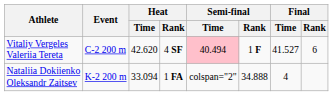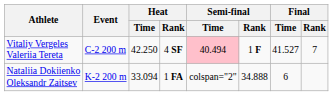 <table class="wikitable" style="text-align: center; font-size:90%">
 <tr>
 <th rowspan="2">Athlete</th>
 <th rowspan="2">Event</th>
 <th colspan="2">Heat</th>
 <th colspan="2">Semi-final</th>
 <th colspan="2">Final</th>
 </tr>
 <tr>
 <th>Time</th>
 <th>Rank</th>
 <th>Time</th>
 <th>Rank</th>
 <th>Time</th>
 <th>Rank</th>
 </tr>
 <tr>
 <td align="left"><a href='#'>Vitaliy Vergeles</a><br><a href='#'>Valeriia Tereta</a></td>
 <td align="left"><a href='#'>C-2 200 m</a></td>
-<td>42.620</td>
+<td>42.250</td>
 <td>4 <strong>SF</strong></td>
 <td style="background: pink;">40.494</td>
 <td>1 <strong>F</strong></td>
 <td>41.527</td>
-<td>6</td>
+<td>7</td>
 </tr>
 <tr>
 <td align="left"><a href='#'>Nataliia Dokiienko</a><br><a href='#'>Oleksandr Zaitsev</a></td>
 <td align="left"><a href='#'>K-2 200 m</a></td>
 <td>33.094</td>
 <td>1 <strong>FA</strong></td>
 <td>colspan="2" </td>
 <td>34.888</td>
-<td>4</td>
+<td>6</td>
 </tr>
 </table>
